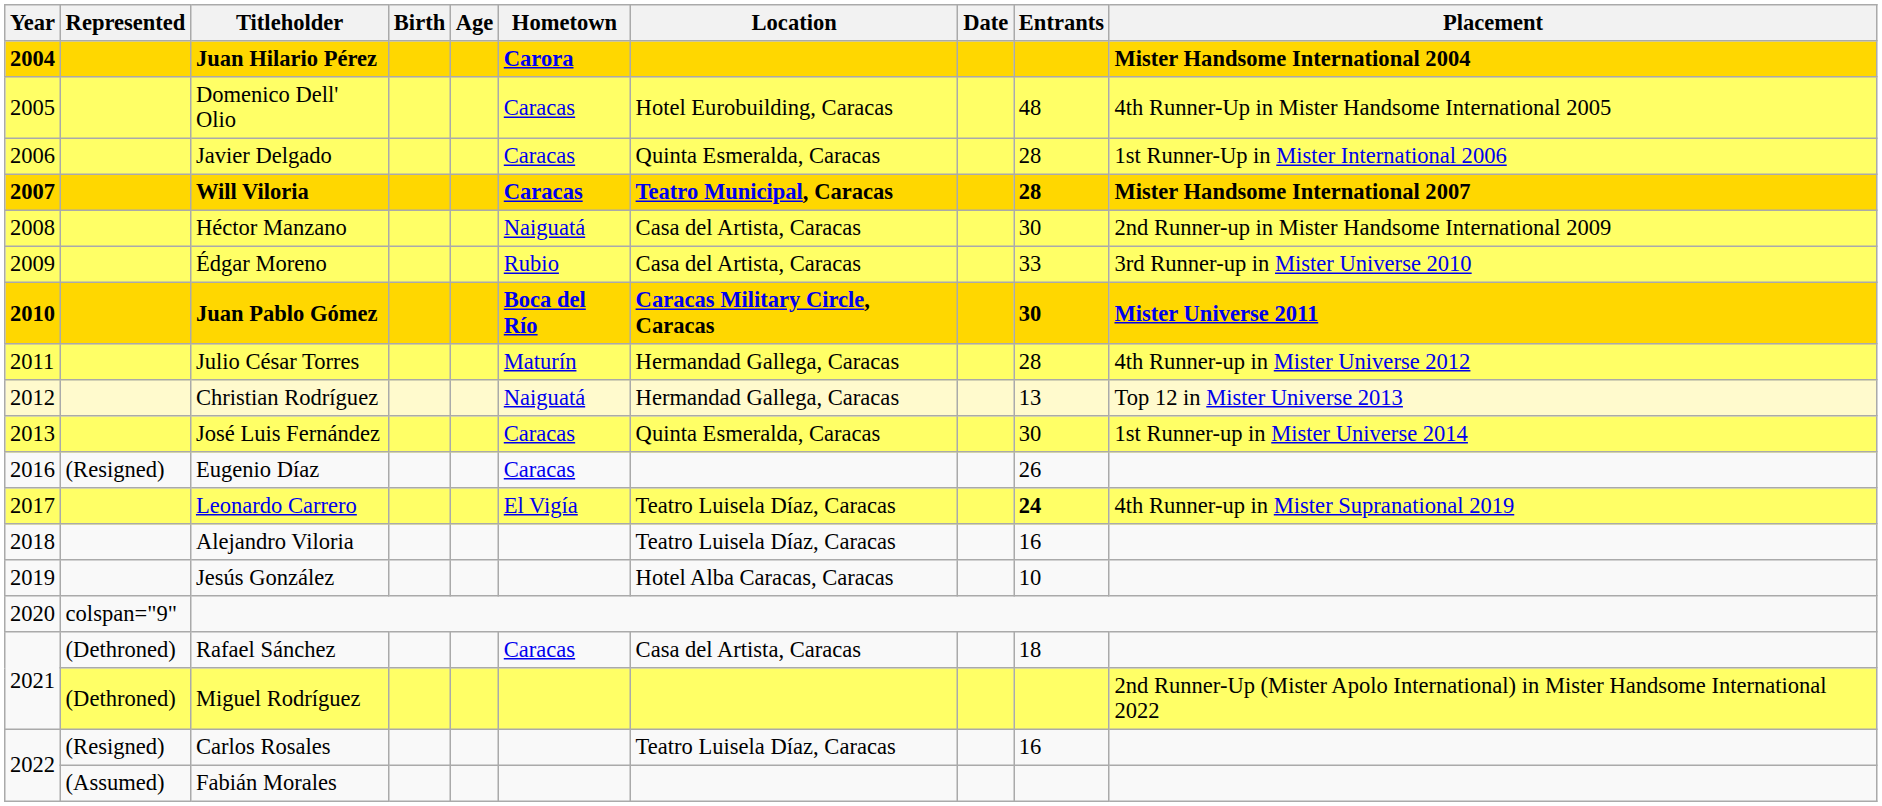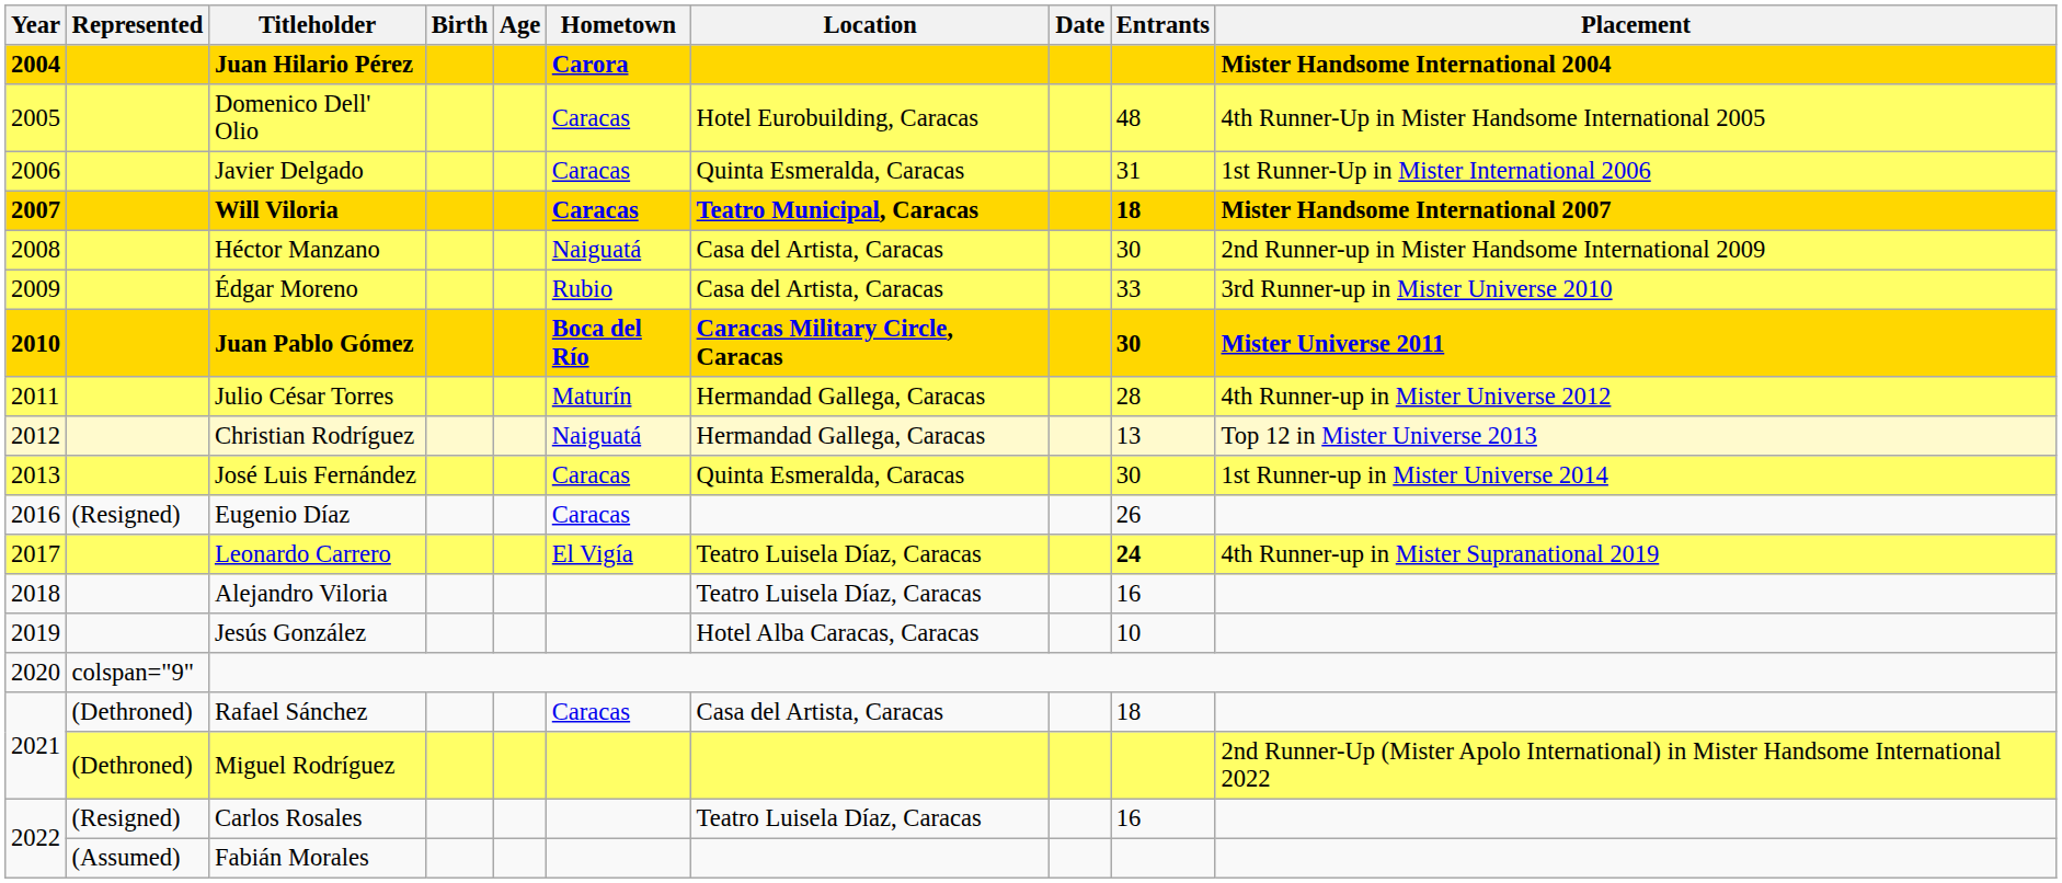 <table class="wikitable sortable" style="margin: 0 1em 0 0; background: #f9f9f9; border: 1px #aaa solid; border-collapse: collapse; font-size: 94%;">
 <tr>
 <th>Year</th>
 <th>Represented</th>
 <th>Titleholder</th>
 <th>Birth</th>
 <th>Age</th>
 <th>Hometown</th>
 <th>Location</th>
 <th>Date</th>
 <th>Entrants</th>
 <th>Placement</th>
 </tr>
 <tr style="background-color:gold; font-weight: bold ">
 <td>2004</td>
 <td></td>
 <td>Juan Hilario Pérez</td>
 <td></td>
 <td></td>
 <td><a href='#'>Carora</a></td>
 <td></td>
 <td></td>
 <td></td>
 <td>Mister Handsome International 2004</td>
 </tr>
 <tr style="background-color:#FFFF66;">
 <td>2005</td>
 <td></td>
 <td>Domenico Dell' Olio</td>
 <td></td>
 <td></td>
 <td><a href='#'>Caracas</a></td>
 <td>Hotel Eurobuilding, Caracas</td>
 <td></td>
 <td>48</td>
 <td>4th Runner-Up in Mister Handsome International 2005</td>
 </tr>
 <tr style="background-color:#FFFF66;">
 <td>2006</td>
 <td></td>
 <td>Javier Delgado</td>
 <td></td>
 <td></td>
 <td><a href='#'>Caracas</a></td>
 <td>Quinta Esmeralda, Caracas</td>
 <td></td>
-<td>28</td>
+<td>31</td>
 <td>1st Runner-Up in <a href='#'>Mister International 2006</a></td>
 </tr>
 <tr style="background-color:gold; font-weight: bold ">
 <td>2007</td>
 <td></td>
 <td>Will Viloria</td>
 <td></td>
 <td></td>
 <td><a href='#'>Caracas</a></td>
 <td><a href='#'>Teatro Municipal</a>, Caracas</td>
 <td></td>
-<td>28</td>
+<td>18</td>
 <td>Mister Handsome International 2007</td>
 </tr>
 <tr style="background-color:#FFFF66;">
 <td>2008</td>
 <td></td>
 <td>Héctor Manzano</td>
 <td></td>
 <td></td>
 <td><a href='#'>Naiguatá</a></td>
 <td>Casa del Artista, Caracas</td>
 <td></td>
 <td>30</td>
 <td>2nd Runner-up in Mister Handsome International 2009</td>
 </tr>
 <tr style="background-color:#FFFF66;">
 <td>2009</td>
 <td></td>
 <td>Édgar Moreno</td>
 <td></td>
 <td></td>
 <td><a href='#'>Rubio</a></td>
 <td>Casa del Artista, Caracas</td>
 <td></td>
 <td>33</td>
 <td>3rd Runner-up in <a href='#'>Mister Universe 2010</a></td>
 </tr>
 <tr style="background-color:gold; font-weight: bold ">
 <td>2010</td>
 <td></td>
 <td>Juan Pablo Gómez</td>
 <td></td>
 <td></td>
 <td><a href='#'>Boca del Río</a></td>
 <td><a href='#'>Caracas Military Circle</a>, Caracas</td>
 <td></td>
 <td>30</td>
 <td><a href='#'>Mister Universe 2011</a></td>
 </tr>
 <tr style="background-color:#FFFF66;">
 <td>2011</td>
 <td></td>
 <td>Julio César Torres</td>
 <td></td>
 <td></td>
 <td><a href='#'>Maturín</a></td>
 <td>Hermandad Gallega, Caracas</td>
 <td></td>
 <td>28</td>
 <td>4th Runner-up in <a href='#'>Mister Universe 2012</a></td>
 </tr>
 <tr style="background-color:#FFFACD;">
 <td>2012</td>
 <td></td>
 <td>Christian Rodríguez</td>
 <td></td>
 <td></td>
 <td><a href='#'>Naiguatá</a></td>
 <td>Hermandad Gallega, Caracas</td>
 <td></td>
 <td>13</td>
 <td>Top 12 in <a href='#'>Mister Universe 2013</a></td>
 </tr>
 <tr style="background-color:#FFFF66;">
 <td>2013</td>
 <td></td>
 <td>José Luis Fernández</td>
 <td></td>
 <td></td>
 <td><a href='#'>Caracas</a></td>
 <td>Quinta Esmeralda, Caracas</td>
 <td></td>
 <td>30</td>
 <td>1st Runner-up in <a href='#'>Mister Universe 2014</a></td>
 </tr>
 <tr>
 <td>2016</td>
 <td> (Resigned)</td>
 <td>Eugenio Díaz</td>
 <td></td>
 <td></td>
 <td><a href='#'>Caracas</a></td>
 <td></td>
 <td></td>
 <td>26</td>
 <td></td>
 </tr>
 <tr style="background-color:#FFFF66;">
 <td>2017</td>
 <td></td>
 <td><a href='#'>Leonardo Carrero</a></td>
 <td></td>
 <td></td>
 <td><a href='#'>El Vigía</a></td>
 <td>Teatro Luisela Díaz, Caracas</td>
 <td></td>
 <td><strong>24</strong></td>
 <td>4th Runner-up in <a href='#'>Mister Supranational 2019</a></td>
 </tr>
 <tr>
 <td>2018</td>
 <td></td>
 <td>Alejandro Viloria</td>
 <td></td>
 <td></td>
 <td></td>
 <td>Teatro Luisela Díaz, Caracas</td>
 <td></td>
 <td>16</td>
 <td></td>
 </tr>
 <tr>
 <td>2019</td>
 <td></td>
 <td>Jesús González</td>
 <td></td>
 <td></td>
 <td></td>
 <td>Hotel Alba Caracas, Caracas</td>
 <td></td>
 <td>10</td>
 <td></td>
 </tr>
 <tr>
 <td>2020</td>
 <td>colspan="9" </td>
 </tr>
 <tr>
 <td rowspan="2">2021</td>
 <td> (Dethroned)</td>
 <td>Rafael Sánchez</td>
 <td></td>
 <td></td>
 <td><a href='#'>Caracas</a></td>
 <td>Casa del Artista, Caracas</td>
 <td></td>
 <td>18</td>
 <td></td>
 </tr>
 <tr style="background-color:#FFFF66;">
 <td> (Dethroned)</td>
 <td>Miguel Rodríguez</td>
 <td></td>
 <td></td>
 <td></td>
 <td></td>
 <td></td>
 <td></td>
 <td>2nd Runner-Up (Mister Apolo International) in Mister Handsome International 2022</td>
 </tr>
 <tr>
 <td rowspan="2">2022</td>
 <td> (Resigned)</td>
 <td>Carlos Rosales</td>
 <td></td>
 <td></td>
 <td></td>
 <td>Teatro Luisela Díaz, Caracas</td>
 <td></td>
 <td>16</td>
 <td></td>
 </tr>
 <tr>
 <td> (Assumed)</td>
 <td>Fabián Morales</td>
 <td></td>
 <td></td>
 <td></td>
 <td></td>
 <td></td>
 <td></td>
 <td></td>
 </tr>
 </table>
